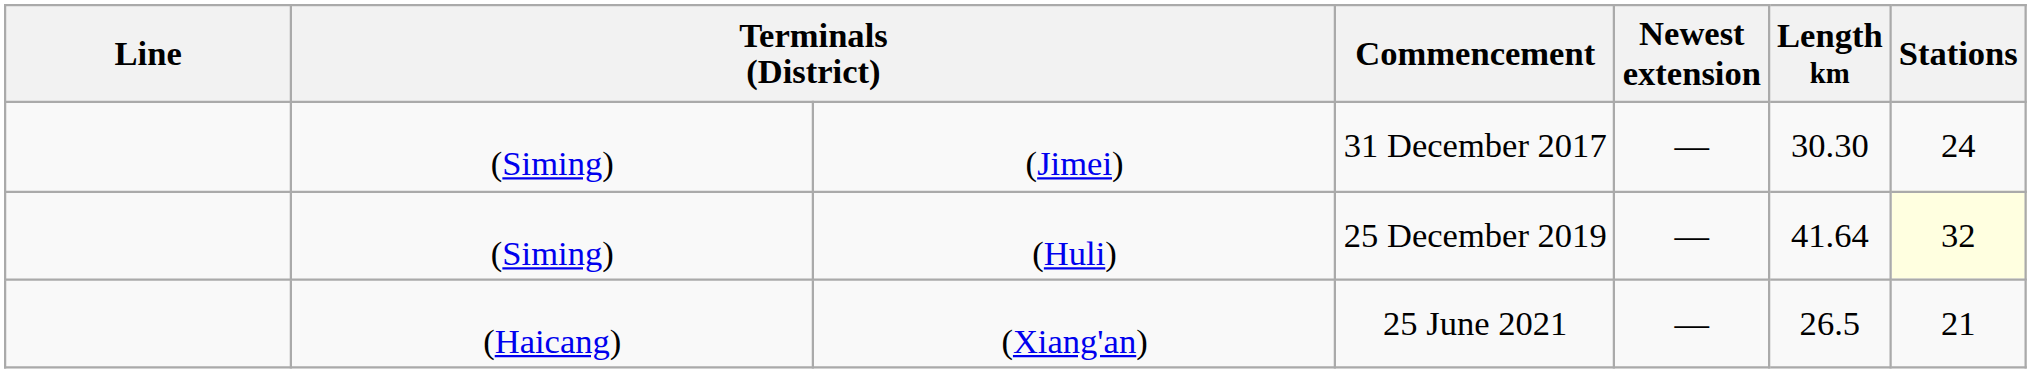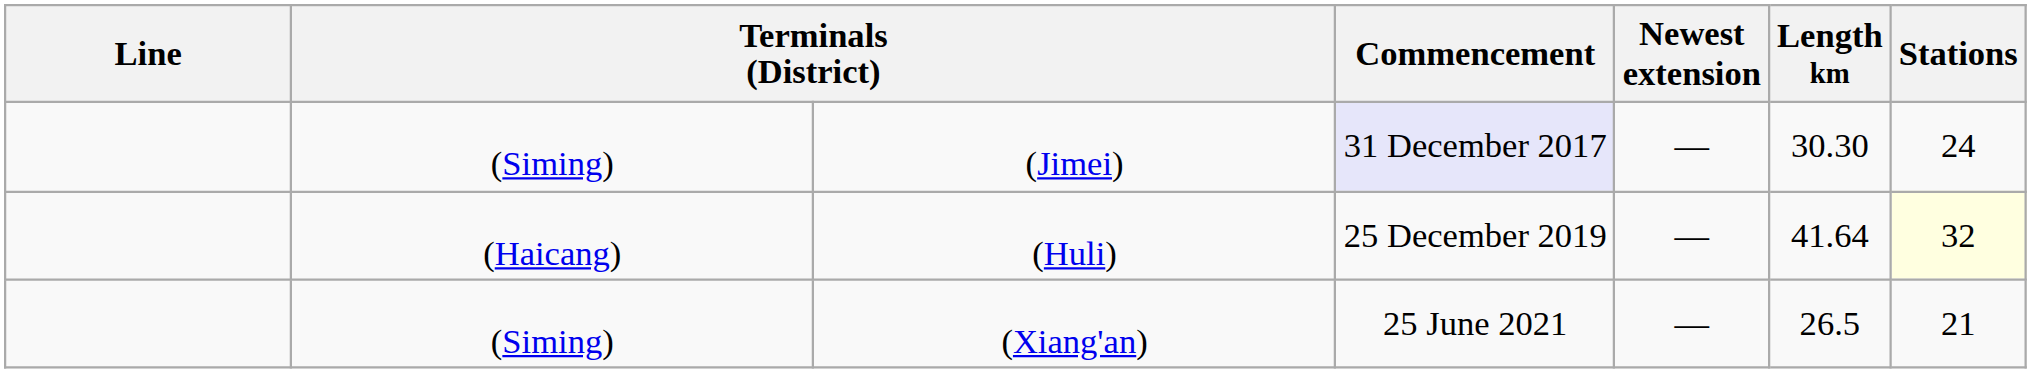 <table class="wikitable sortable" style="cell-padding:1.5; font-size:96%; text-align:center;">
 <tr>
 <th data-sort-type="text"style="width:120px;">Line</th>
 <th class="unsortable" colspan="2" style="width:450px; line-height:1.05">Terminals<br>(District)</th>
 <th>Commencement</th>
 <th>Newest<br>extension</th>
 <th style="line-height:1.05">Length<br><small>km</small></th>
 <th style="line-height:1.05">Stations</th>
 </tr>
 <tr>
 <td style="text-align:center; line-height:1.05"></td>
 <td style="text-align:center; width:225px; line-height:1.05"><strong></strong><br>(<a href='#'>Siming</a>)</td>
 <td style="text-align:center; width:225px; line-height:1.05"><strong></strong><br>(<a href='#'>Jimei</a>)</td>
-<td style="text-align:center; line-height:1.05">31 December 2017</td>
+<td style="background: lavender; text-align:center; line-height:1.05">31 December 2017</td>
 <td style="text-align:center; line-height:1.05">—</td>
 <td style="text-align:center; line-height:1.05">30.30</td>
 <td style="text-align:center; line-height:1.05">24</td>
 </tr>
 <tr>
 <td style="text-align:center; line-height:1.05"></td>
-<td style="text-align:center; width:225px; line-height:1.05"><strong></strong><br>(<a href='#'>Siming</a>)</td>
+<td style="text-align:center; width:225px; line-height:1.05"><strong></strong><br>(<a href='#'>Haicang</a>)</td>
 <td style="text-align:center; width:225px; line-height:1.05"><strong></strong><br>(<a href='#'>Huli</a>)</td>
 <td style="text-align:center; line-height:1.05">25 December 2019</td>
 <td style="text-align:center; line-height:1.05">—</td>
 <td style="text-align:center; line-height:1.05">41.64</td>
 <td style="background: lightyellow; text-align:center; line-height:1.05">32</td>
 </tr>
 <tr>
 <td style="text-align:center; line-height:1.05"></td>
-<td style="text-align:center; width:225px; line-height:1.05"><strong></strong><br>(<a href='#'>Haicang</a>)</td>
+<td style="text-align:center; width:225px; line-height:1.05"><strong></strong><br>(<a href='#'>Siming</a>)</td>
 <td style="text-align:center; width:225px; line-height:1.05"><strong></strong><br>(<a href='#'>Xiang'an</a>)</td>
 <td style="text-align:center; line-height:1.05">25 June 2021</td>
 <td style="text-align:center; line-height:1.05">—</td>
 <td style="text-align:center; line-height:1.05">26.5</td>
 <td style="text-align:center; line-height:1.05">21</td>
 </tr>
 </table>
